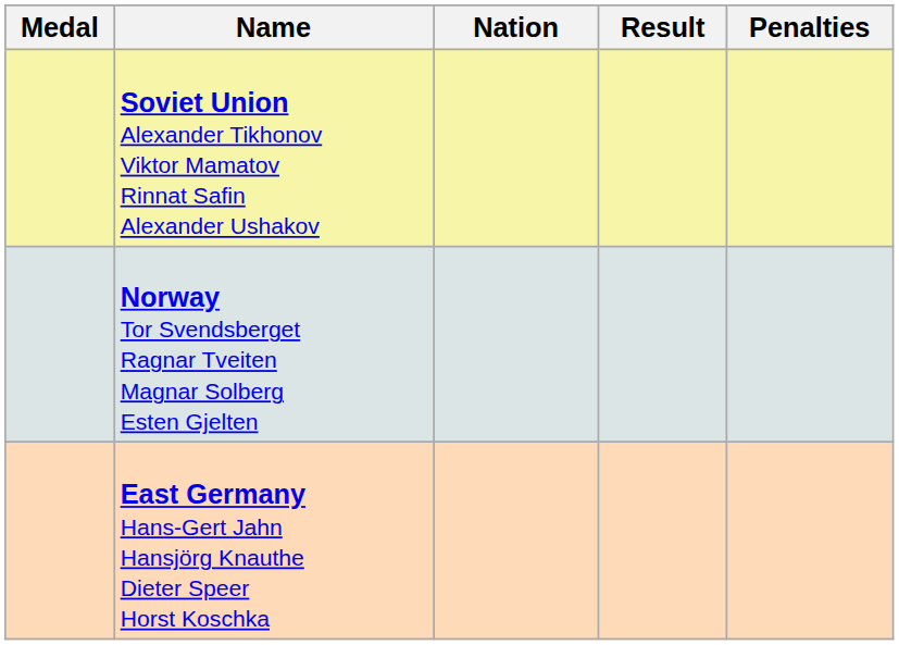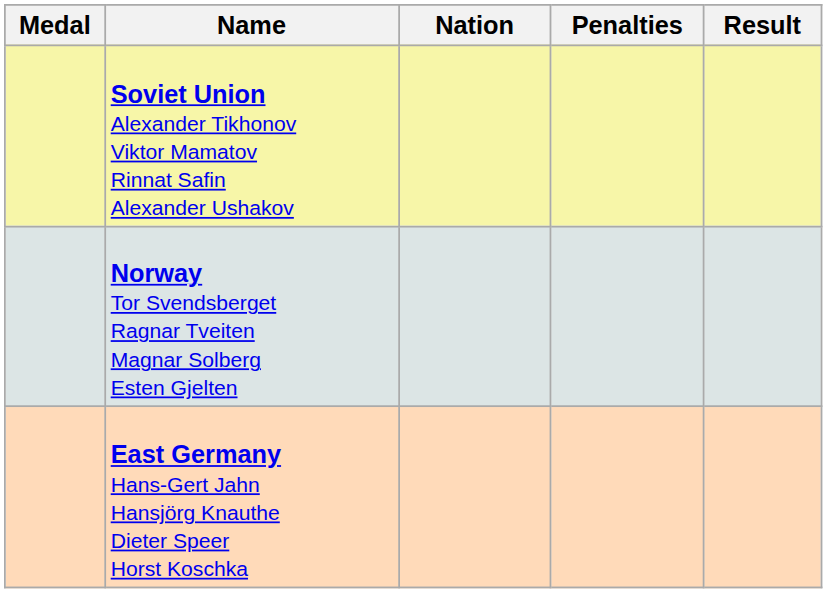 <table class=wikitable style="border:1px solid #AAAAAA;font-size:90%">
 <tr bgcolor="#E4E4E4">
 <th style="border-bottom:1px solid #AAAAAA" width=50>Medal</th>
 <th style="border-bottom:1px solid #AAAAAA" width=160>Name</th>
 <th style="border-bottom:1px solid #AAAAAA" width=80>Nation</th>
+<th style="border-bottom:1px solid #AAAAAA" width=80>Penalties</th>
 <th style="border-bottom:1px solid #AAAAAA" width=60>Result</th>
-<th style="border-bottom:1px solid #AAAAAA" width=80>Penalties</th>
 </tr>
 <tr bgcolor="#F7F6A8">
 <td align="center"></td>
 <td><br><strong><a href='#'>Soviet Union</a></strong><br><small><a href='#'>Alexander Tikhonov</a><br><a href='#'>Viktor Mamatov</a><br><a href='#'>Rinnat Safin</a><br><a href='#'>Alexander Ushakov</a></small></td>
 <td></td>
 <td align="center"></td>
 <td align="center"></td>
 </tr>
 <tr bgcolor="#DCE5E5">
 <td align="center"></td>
 <td><br><strong><a href='#'>Norway</a></strong><br><small><a href='#'>Tor Svendsberget</a><br><a href='#'>Ragnar Tveiten</a><br><a href='#'>Magnar Solberg</a><br><a href='#'>Esten Gjelten</a></small></td>
 <td></td>
+<td align="center"></td>
 <td align="right"></td>
-<td align="center"></td>
 </tr>
 <tr bgcolor="#FFDAB9">
 <td align="center"></td>
 <td><br><strong><a href='#'>East Germany</a></strong><br><small><a href='#'>Hans-Gert Jahn</a><br><a href='#'>Hansjörg Knauthe</a><br><a href='#'>Dieter Speer</a><br><a href='#'>Horst Koschka</a></small></td>
 <td></td>
+<td align="center"></td>
 <td align="right"></td>
-<td align="center"></td>
 </tr>
 </table>
